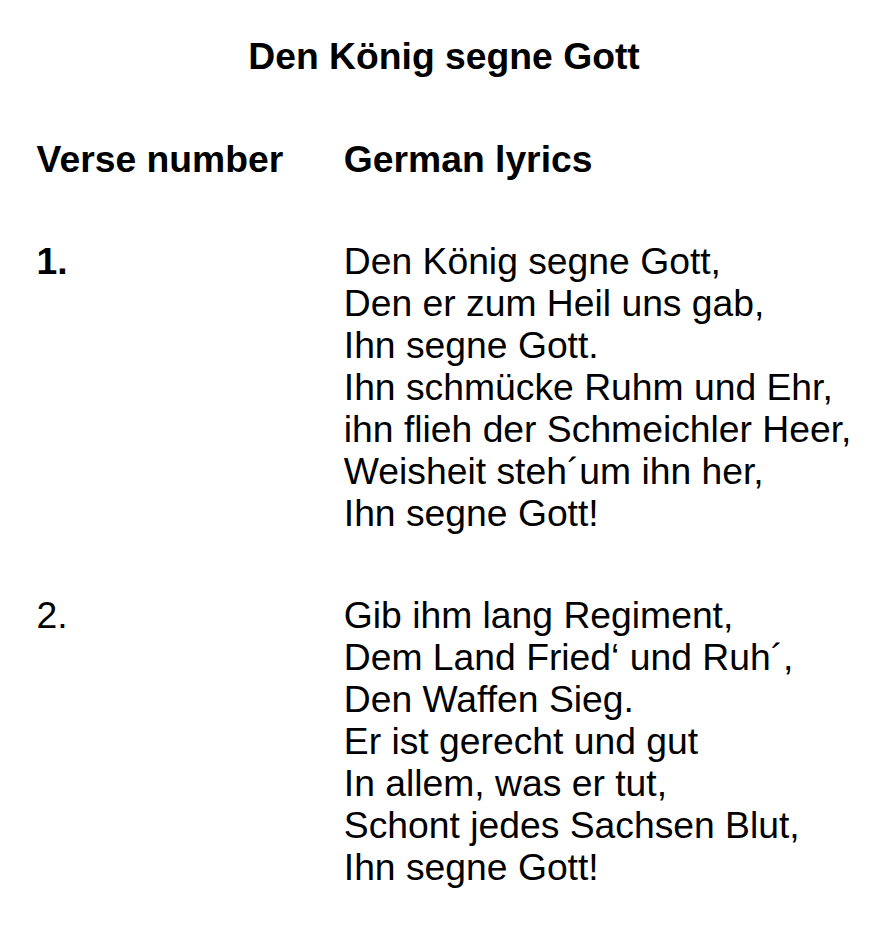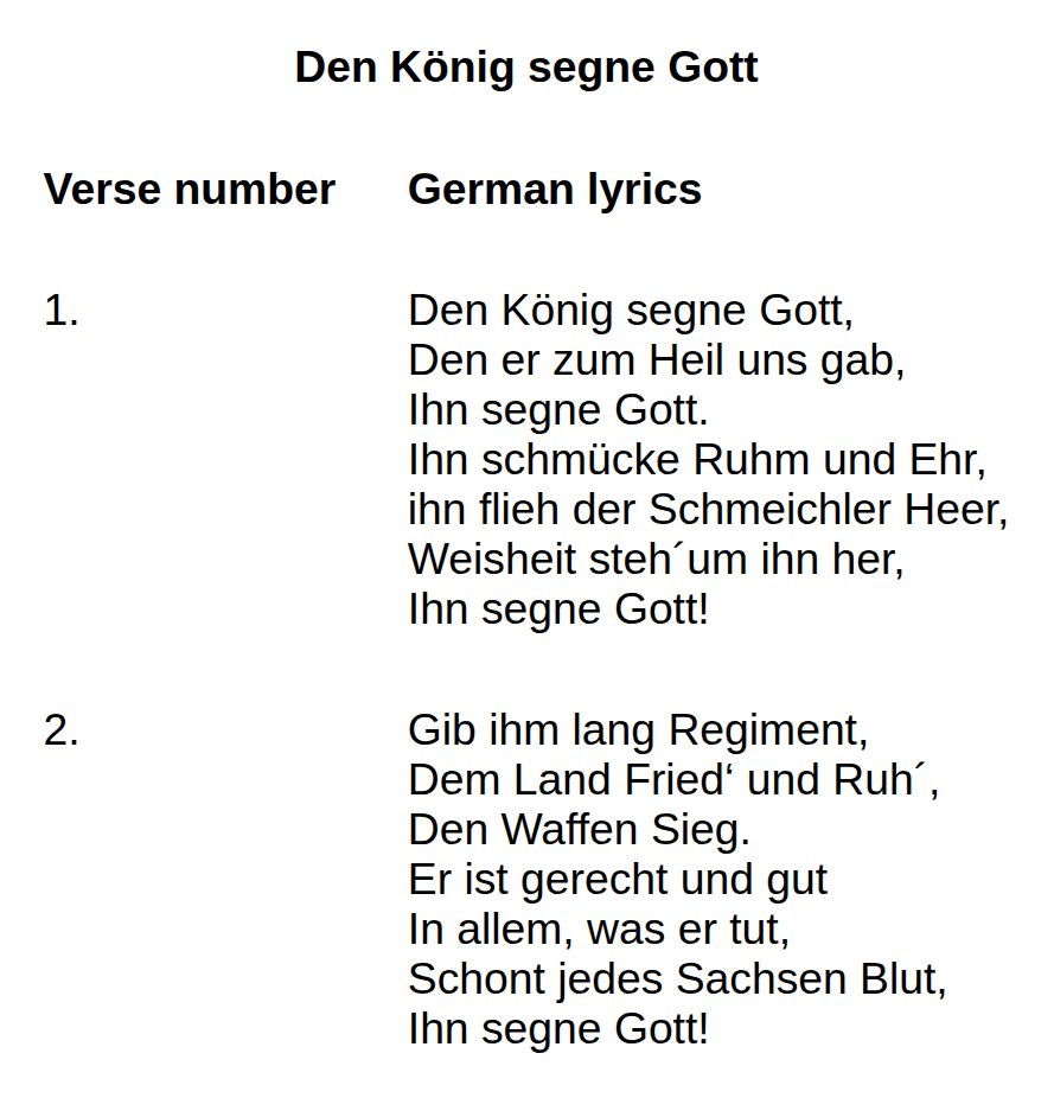 <table cellspacing="" cellpadding="12" border="0" style="background-color: #ffffff; border: #000000 0px solid;">
 <tr>
 <th colspan="2" align="center"><strong>Den König segne Gott</strong></th>
 </tr>
 <tr>
 <th align="left">Verse number</th>
 <th align="left">German lyrics</th>
 </tr>
 <tr>
-<td valign="top"><strong>1.</strong></td>
+<td valign="top">1.</td>
 <td>Den König segne Gott,<br>Den er zum Heil uns gab,<br>Ihn segne Gott.<br>Ihn schmücke Ruhm und Ehr,<br>ihn flieh der Schmeichler Heer,<br>Weisheit steh´um ihn her,<br>Ihn segne Gott!</td>
 </tr>
 <tr>
 <td valign="top">2.</td>
 <td>Gib ihm lang Regiment,<br>Dem Land Fried‘ und Ruh´,<br>Den Waffen Sieg.<br>Er ist gerecht und gut<br>In allem, was er tut,<br>Schont jedes Sachsen Blut,<br>Ihn segne Gott!</td>
 </tr>
 </table>
